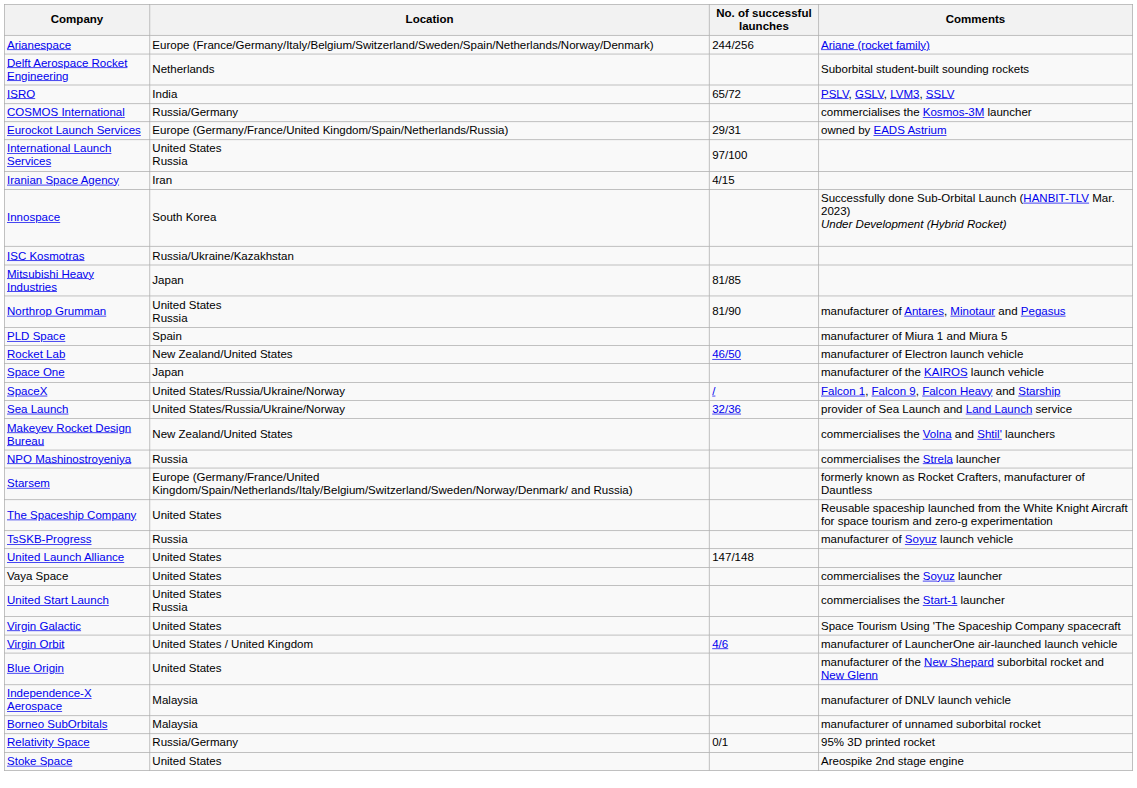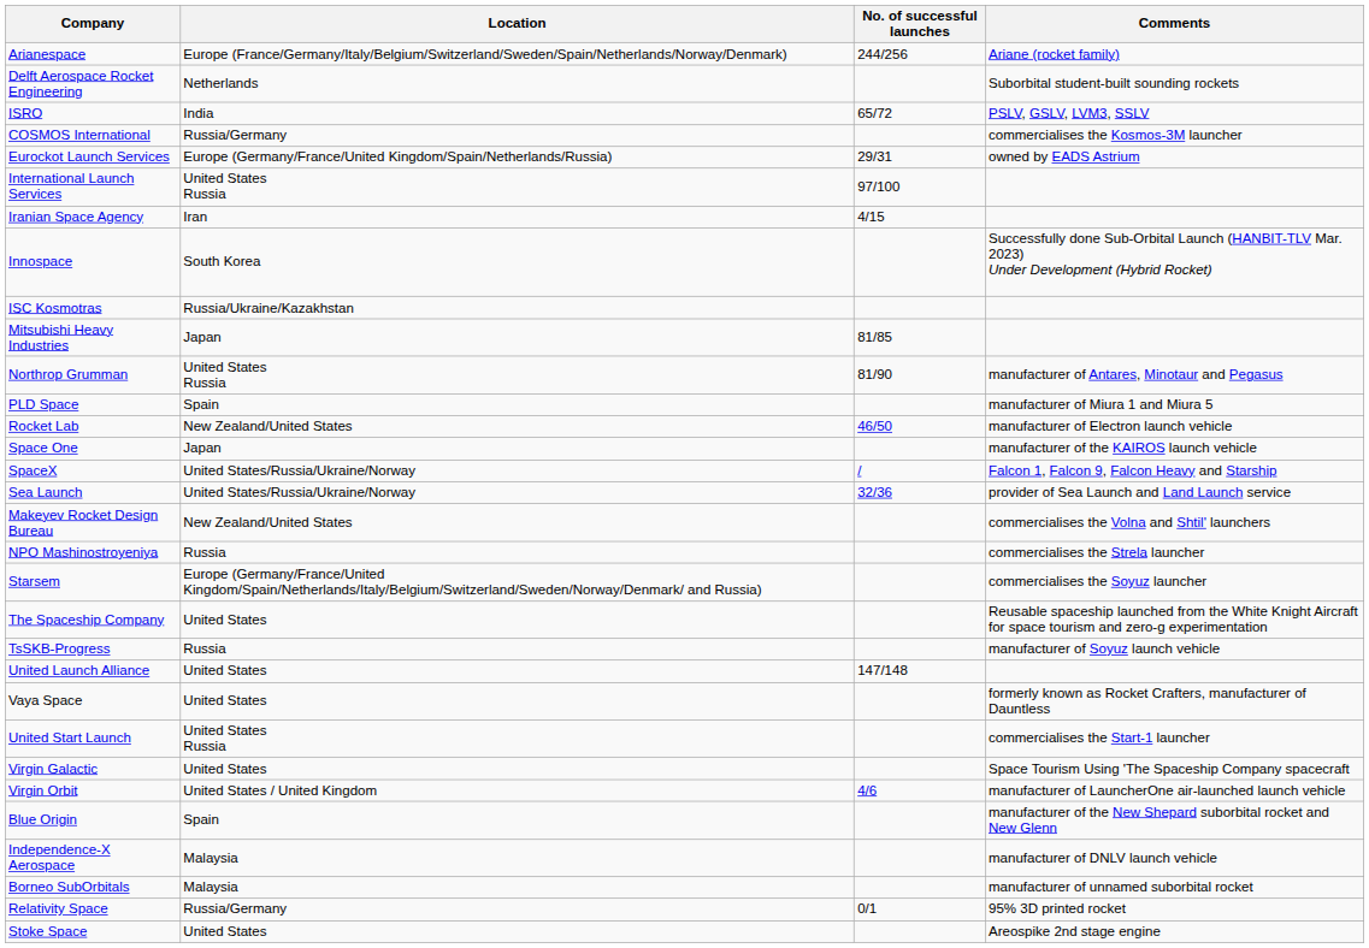 <table class="wikitable sortable" border="1">
 <tr>
 <th>Company</th>
 <th>Location</th>
 <th>No. of successful launches</th>
 <th>Comments</th>
 </tr>
 <tr>
 <td><a href='#'>Arianespace</a></td>
 <td>Europe (France/Germany/Italy/Belgium/Switzerland/Sweden/Spain/Netherlands/Norway/Denmark)</td>
 <td>244/256</td>
 <td><a href='#'>Ariane (rocket family)</a></td>
 </tr>
 <tr>
 <td><a href='#'>Delft Aerospace Rocket Engineering</a></td>
 <td>Netherlands</td>
 <td></td>
 <td>Suborbital student-built sounding rockets</td>
 </tr>
 <tr>
 <td><a href='#'>ISRO</a></td>
 <td>India</td>
 <td>65/72</td>
 <td><a href='#'>PSLV</a>, <a href='#'>GSLV</a>, <a href='#'>LVM3</a>, <a href='#'>SSLV</a></td>
 </tr>
 <tr>
 <td><a href='#'>COSMOS International</a></td>
 <td>Russia/Germany</td>
 <td></td>
 <td>commercialises the <a href='#'>Kosmos-3M</a> launcher</td>
 </tr>
 <tr>
 <td><a href='#'>Eurockot Launch Services</a></td>
 <td>Europe (Germany/France/United Kingdom/Spain/Netherlands/Russia)</td>
 <td>29/31</td>
 <td>owned by <a href='#'>EADS Astrium</a></td>
 </tr>
 <tr>
 <td><a href='#'>International Launch Services</a></td>
 <td>United States <br> Russia</td>
 <td>97/100</td>
 <td></td>
 </tr>
 <tr>
 <td><a href='#'>Iranian Space Agency</a></td>
 <td>Iran</td>
 <td>4/15</td>
 <td></td>
 </tr>
 <tr>
 <td><a href='#'>Innospace</a></td>
 <td>South Korea</td>
 <td></td>
 <td>Successfully done Sub-Orbital Launch (<a href='#'>HANBIT-TLV</a> Mar. 2023)<br><em>Under Development (Hybrid Rocket)</em> <br><br></td>
 </tr>
 <tr>
 <td><a href='#'>ISC Kosmotras</a></td>
 <td>Russia/Ukraine/Kazakhstan</td>
 <td></td>
 <td></td>
 </tr>
 <tr>
 <td><a href='#'>Mitsubishi Heavy Industries</a></td>
 <td>Japan</td>
 <td>81/85</td>
 <td></td>
 </tr>
 <tr>
 <td><a href='#'>Northrop Grumman</a></td>
 <td>United States <br> Russia</td>
 <td>81/90</td>
 <td>manufacturer of <a href='#'>Antares</a>, <a href='#'>Minotaur</a> and <a href='#'>Pegasus</a></td>
 </tr>
 <tr>
 <td><a href='#'>PLD Space</a></td>
 <td>Spain</td>
 <td></td>
 <td>manufacturer of Miura 1 and Miura 5</td>
 </tr>
 <tr>
 <td><a href='#'>Rocket Lab</a></td>
 <td>New Zealand/United States</td>
 <td><a href='#'>46/50</a></td>
 <td>manufacturer of Electron launch vehicle</td>
 </tr>
 <tr>
 <td><a href='#'>Space One</a></td>
 <td>Japan</td>
 <td></td>
 <td>manufacturer of the <a href='#'>KAIROS</a> launch vehicle</td>
 </tr>
 <tr>
 <td><a href='#'>SpaceX</a></td>
 <td>United States/Russia/Ukraine/Norway</td>
 <td><a href='#'>/</a></td>
 <td><a href='#'>Falcon 1</a>, <a href='#'>Falcon 9</a>, <a href='#'>Falcon Heavy</a> and <a href='#'>Starship</a></td>
 </tr>
 <tr>
 <td><a href='#'>Sea Launch</a></td>
 <td>United States/Russia/Ukraine/Norway</td>
 <td><a href='#'>32/36</a></td>
 <td>provider of Sea Launch and <a href='#'>Land Launch</a> service</td>
 </tr>
 <tr>
 <td><a href='#'>Makeyev Rocket Design Bureau</a></td>
 <td>New Zealand/United States</td>
 <td></td>
 <td>commercialises the <a href='#'>Volna</a> and <a href='#'>Shtil'</a> launchers</td>
 </tr>
 <tr>
 <td><a href='#'>NPO Mashinostroyeniya</a></td>
 <td>Russia</td>
 <td></td>
 <td>commercialises the <a href='#'>Strela</a> launcher</td>
 </tr>
 <tr>
 <td><a href='#'>Starsem</a></td>
 <td>Europe (Germany/France/United Kingdom/Spain/Netherlands/Italy/Belgium/Switzerland/Sweden/Norway/Denmark/ and Russia)</td>
 <td></td>
-<td>formerly known as Rocket Crafters, manufacturer of Dauntless</td>
+<td>commercialises the <a href='#'>Soyuz</a> launcher</td>
 </tr>
 <tr>
 <td><a href='#'>The Spaceship Company</a></td>
 <td>United States</td>
 <td></td>
 <td>Reusable spaceship launched from the White Knight Aircraft for space tourism and zero-g experimentation</td>
 </tr>
 <tr>
 <td><a href='#'>TsSKB-Progress</a></td>
 <td>Russia</td>
 <td></td>
 <td>manufacturer of <a href='#'>Soyuz</a> launch vehicle</td>
 </tr>
 <tr>
 <td><a href='#'>United Launch Alliance</a></td>
 <td>United States</td>
 <td>147/148</td>
 <td></td>
 </tr>
 <tr>
 <td>Vaya Space</td>
 <td>United States</td>
 <td></td>
-<td>commercialises the <a href='#'>Soyuz</a> launcher</td>
+<td>formerly known as Rocket Crafters, manufacturer of Dauntless</td>
 </tr>
 <tr>
 <td><a href='#'>United Start Launch</a></td>
 <td>United States <br> Russia</td>
 <td></td>
 <td>commercialises the <a href='#'>Start-1</a> launcher</td>
 </tr>
 <tr>
 <td><a href='#'>Virgin Galactic</a></td>
 <td>United States</td>
 <td></td>
 <td>Space Tourism Using 'The Spaceship Company spacecraft</td>
 </tr>
 <tr>
 <td><a href='#'>Virgin Orbit</a></td>
 <td>United States / United Kingdom</td>
 <td><a href='#'>4/6</a></td>
 <td>manufacturer of LauncherOne air-launched launch vehicle</td>
 </tr>
 <tr>
 <td><a href='#'>Blue Origin</a></td>
-<td>United States</td>
+<td>Spain</td>
 <td></td>
 <td>manufacturer of the <a href='#'>New Shepard</a> suborbital rocket and <a href='#'>New Glenn</a></td>
 </tr>
 <tr>
 <td><a href='#'>Independence-X Aerospace</a></td>
 <td>Malaysia</td>
 <td></td>
 <td>manufacturer of DNLV launch vehicle</td>
 </tr>
 <tr>
 <td><a href='#'>Borneo SubOrbitals</a></td>
 <td>Malaysia</td>
 <td></td>
 <td>manufacturer of unnamed suborbital rocket</td>
 </tr>
 <tr>
 <td><a href='#'>Relativity Space</a></td>
 <td>Russia/Germany</td>
 <td>0/1</td>
 <td>95% 3D printed rocket</td>
 </tr>
 <tr>
 <td><a href='#'>Stoke Space</a></td>
 <td>United States</td>
 <td></td>
 <td>Areospike 2nd stage engine</td>
 </tr>
 </table>
